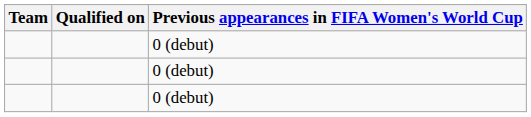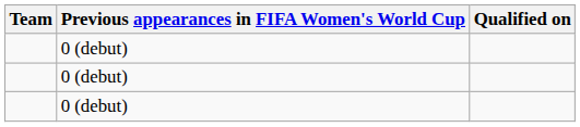 <table class="wikitable sortable">
 <tr>
 <th>Team</th>
+<th data-sort-type="number">Previous <a href='#'>appearances</a> in <a href='#'>FIFA Women's World Cup</a></th>
 <th>Qualified on</th>
-<th data-sort-type="number">Previous <a href='#'>appearances</a> in <a href='#'>FIFA Women's World Cup</a></th>
 </tr>
 <tr>
 <td></td>
+<td>0 (debut)</td>
 <td></td>
-<td>0 (debut)</td>
 </tr>
 <tr>
 <td></td>
+<td>0 (debut)</td>
 <td></td>
-<td>0 (debut)</td>
 </tr>
 <tr>
 <td></td>
+<td>0 (debut)</td>
 <td></td>
-<td>0 (debut)</td>
 </tr>
 </table>
